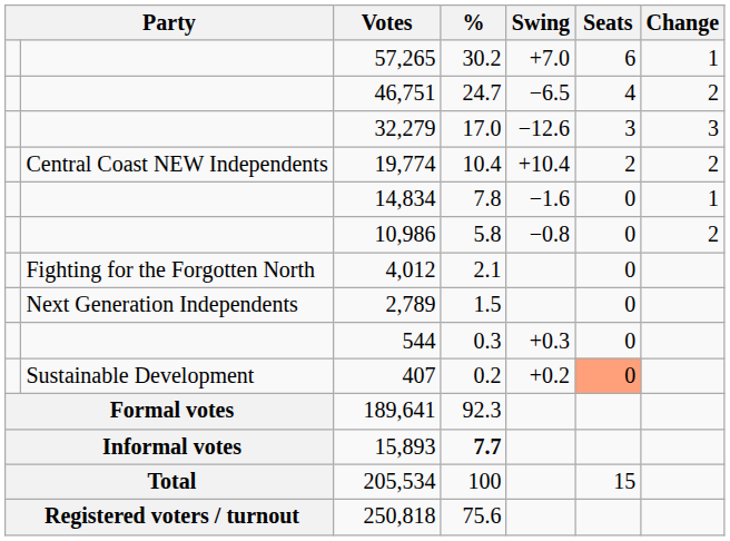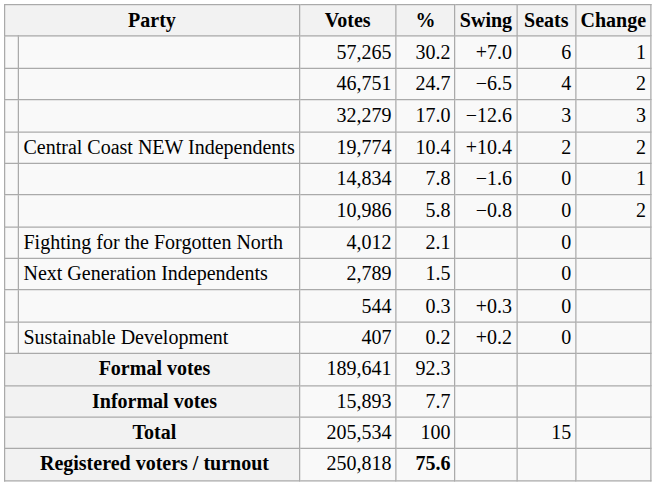 <table class="wikitable" style="text-align:right; margin-bottom:0">
 <tr>
 <th style="width:10px" colspan=3>Party</th>
 <th style="width:70px;">Votes</th>
 <th style="width:40px;">%</th>
 <th style="width:40px;">Swing</th>
 <th style="width:40px;">Seats</th>
 <th style="width:40px;">Change</th>
 </tr>
 <tr>
 <td> </td>
 <td style="text-align:left;" colspan="2"></td>
 <td>57,265</td>
 <td>30.2</td>
 <td>+7.0</td>
 <td>6</td>
 <td> 1</td>
 </tr>
 <tr>
 <td> </td>
 <td style="text-align:left;" colspan="2"></td>
 <td>46,751</td>
 <td>24.7</td>
 <td>−6.5</td>
 <td>4</td>
 <td> 2</td>
 </tr>
 <tr>
 <td> </td>
 <td style="text-align:left;" colspan="2"></td>
 <td>32,279</td>
 <td>17.0</td>
 <td>−12.6</td>
 <td>3</td>
 <td> 3</td>
 </tr>
 <tr>
 <td> </td>
 <td style="text-align:left;" colspan="2">Central Coast NEW Independents</td>
 <td>19,774</td>
 <td>10.4</td>
 <td>+10.4</td>
 <td>2</td>
 <td> 2</td>
 </tr>
 <tr>
 <td> </td>
 <td style="text-align:left;" colspan="2"></td>
 <td>14,834</td>
 <td>7.8</td>
 <td>−1.6</td>
 <td>0</td>
 <td> 1</td>
 </tr>
 <tr>
 <td> </td>
 <td style="text-align:left;" colspan="2"></td>
 <td>10,986</td>
 <td>5.8</td>
 <td>−0.8</td>
 <td>0</td>
 <td> 2</td>
 </tr>
 <tr>
 <td> </td>
 <td style="text-align:left;" colspan="2">Fighting for the Forgotten North</td>
 <td>4,012</td>
 <td>2.1</td>
 <td></td>
 <td>0</td>
 <td></td>
 </tr>
 <tr>
 <td> </td>
 <td style="text-align:left;" colspan="2">Next Generation Independents</td>
 <td>2,789</td>
 <td>1.5</td>
 <td></td>
 <td>0</td>
 <td></td>
 </tr>
 <tr>
 <td> </td>
 <td style="text-align:left;" colspan="2"></td>
 <td>544</td>
 <td>0.3</td>
 <td>+0.3</td>
 <td>0</td>
 <td></td>
 </tr>
 <tr>
 <td> </td>
 <td style="text-align:left;" colspan="2">Sustainable Development</td>
 <td>407</td>
 <td>0.2</td>
 <td>+0.2</td>
-<td style="background: lightsalmon;">0</td>
+<td>0</td>
 <td></td>
 </tr>
 <tr>
 <th colspan="3" rowspan="1"> Formal votes</th>
 <td>189,641</td>
 <td>92.3</td>
 <td></td>
 <td></td>
 <td></td>
 </tr>
 <tr>
 <th colspan="3" rowspan="1"> Informal votes</th>
 <td>15,893</td>
-<td><strong>7.7</strong></td>
+<td>7.7</td>
 <td></td>
 <td></td>
 <td></td>
 </tr>
 <tr>
 <th colspan="3" rowspan="1"> <strong>Total </strong></th>
 <td>205,534</td>
 <td>100</td>
 <td></td>
 <td>15</td>
 <td></td>
 </tr>
 <tr>
 <th colspan="3" rowspan="1"> Registered voters / turnout</th>
 <td>250,818</td>
-<td>75.6</td>
+<td><strong>75.6</strong></td>
 <td></td>
 <td></td>
 <td></td>
 </tr>
 </table>
